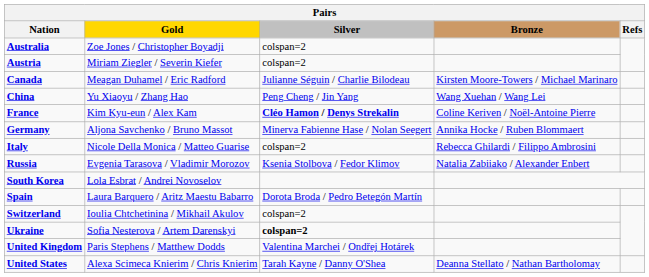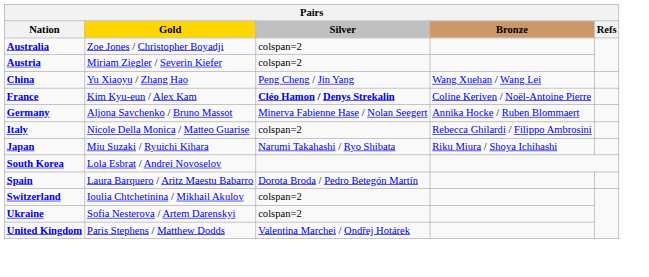 <table class="wikitable">
 <tr>
 <th colspan=5>Pairs</th>
 </tr>
 <tr>
 <th>Nation</th>
 <td style="text-align:center; background:gold;"><strong>Gold</strong></td>
 <td style="text-align:center; background:silver;"><strong>Silver</strong></td>
 <td style="text-align:center; background:#c96;"><strong>Bronze</strong></td>
 <th>Refs</th>
 </tr>
 <tr>
 <td><strong><a href='#'>Australia</a></strong></td>
 <td><a href='#'>Zoe Jones</a> / <a href='#'>Christopher Boyadji</a></td>
 <td>colspan=2 </td>
 <td></td>
 </tr>
 <tr>
 <td><strong><a href='#'>Austria</a></strong></td>
 <td><a href='#'>Miriam Ziegler</a> / <a href='#'>Severin Kiefer</a></td>
 <td>colspan=2 </td>
-<td></td>
-</tr>
-<tr>
-<td><strong><a href='#'>Canada</a></strong></td>
-<td><a href='#'>Meagan Duhamel</a> / <a href='#'>Eric Radford</a></td>
-<td><a href='#'>Julianne Séguin</a> / <a href='#'>Charlie Bilodeau</a></td>
-<td><a href='#'>Kirsten Moore-Towers</a> / <a href='#'>Michael Marinaro</a></td>
 <td></td>
 </tr>
 <tr>
 <td><strong><a href='#'>China</a></strong></td>
 <td><a href='#'>Yu Xiaoyu</a> / <a href='#'>Zhang Hao</a></td>
 <td><a href='#'>Peng Cheng</a> / <a href='#'>Jin Yang</a></td>
 <td><a href='#'>Wang Xuehan</a> / <a href='#'>Wang Lei</a></td>
 <td></td>
 </tr>
 <tr>
 <td><strong><a href='#'>France</a></strong></td>
 <td><a href='#'>Kim Kyu-eun</a> / <a href='#'>Alex Kam</a></td>
 <td><strong><a href='#'>Cléo Hamon</a> / <a href='#'>Denys Strekalin</a></strong></td>
 <td><a href='#'>Coline Keriven</a> / <a href='#'>Noël-Antoine Pierre</a></td>
 <td></td>
 </tr>
 <tr>
 <td><strong><a href='#'>Germany</a></strong></td>
 <td><a href='#'>Aljona Savchenko</a> / <a href='#'>Bruno Massot</a></td>
 <td><a href='#'>Minerva Fabienne Hase</a> / <a href='#'>Nolan Seegert</a></td>
 <td><a href='#'>Annika Hocke</a> / <a href='#'>Ruben Blommaert</a></td>
 <td></td>
 </tr>
 <tr>
 <td><strong><a href='#'>Italy</a></strong></td>
 <td><a href='#'>Nicole Della Monica</a> / <a href='#'>Matteo Guarise</a></td>
 <td>colspan=2 </td>
 <td><a href='#'>Rebecca Ghilardi</a> / <a href='#'>Filippo Ambrosini</a></td>
 <td></td>
 </tr>
 <tr>
-<td><strong><a href='#'>Russia</a></strong></td>
-<td><a href='#'>Evgenia Tarasova</a> / <a href='#'>Vladimir Morozov</a></td>
-<td><a href='#'>Ksenia Stolbova</a> / <a href='#'>Fedor Klimov</a></td>
-<td><a href='#'>Natalia Zabiiako</a> / <a href='#'>Alexander Enbert</a></td>
+<td><strong><a href='#'>Japan</a></strong></td>
+<td><a href='#'>Miu Suzaki</a> / <a href='#'>Ryuichi Kihara</a></td>
+<td><a href='#'>Narumi Takahashi</a> / <a href='#'>Ryo Shibata</a></td>
+<td><a href='#'>Riku Miura</a> / <a href='#'>Shoya Ichihashi</a></td>
 <td></td>
 </tr>
 <tr>
 <td><strong><a href='#'>South Korea</a></strong></td>
 <td><a href='#'>Lola Esbrat</a> / <a href='#'>Andrei Novoselov</a></td>
 <td></td>
 </tr>
 <tr>
 <td><strong><a href='#'>Spain</a></strong></td>
 <td><a href='#'>Laura Barquero</a> / <a href='#'>Aritz Maestu Babarro</a></td>
 <td><a href='#'>Dorota Broda</a> / <a href='#'>Pedro Betegón Martín</a></td>
 <td></td>
 <td></td>
 </tr>
 <tr>
 <td><strong><a href='#'>Switzerland</a></strong></td>
 <td><a href='#'>Ioulia Chtchetinina</a> / <a href='#'>Mikhail Akulov</a></td>
 <td>colspan=2 </td>
 <td></td>
 </tr>
 <tr>
 <td><strong><a href='#'>Ukraine</a></strong></td>
 <td><a href='#'>Sofia Nesterova</a> / <a href='#'>Artem Darenskyi</a></td>
-<td><strong>colspan=2 </strong></td>
+<td>colspan=2 </td>
 <td></td>
 </tr>
 <tr>
 <td><strong><a href='#'>United Kingdom</a></strong></td>
 <td><a href='#'>Paris Stephens</a> / <a href='#'>Matthew Dodds</a></td>
 <td><a href='#'>Valentina Marchei</a> / <a href='#'>Ondřej Hotárek</a></td>
 <td></td>
 </tr>
-<tr>
-<td><strong><a href='#'>United States</a></strong></td>
-<td><a href='#'>Alexa Scimeca Knierim</a> / <a href='#'>Chris Knierim</a></td>
-<td><a href='#'>Tarah Kayne</a> / <a href='#'>Danny O'Shea</a></td>
-<td><a href='#'>Deanna Stellato</a> / <a href='#'>Nathan Bartholomay</a></td>
-<td></td>
-</tr>
 </table>
